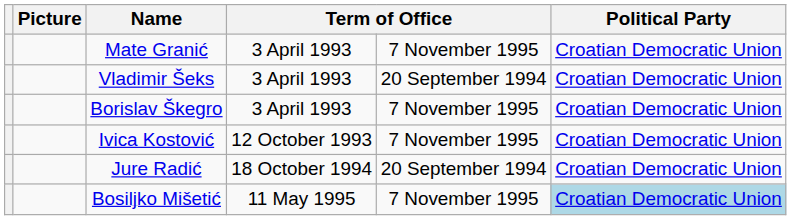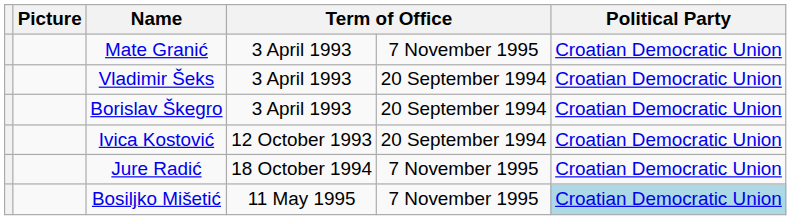 <table class="wikitable" style="text-align:center">
 <tr>
 <th></th>
 <th>Picture</th>
 <th>Name<br></th>
 <th colspan="2">Term of Office</th>
 <th>Political Party</th>
 </tr>
 <tr>
 <th style="background:"></th>
 <td></td>
 <td><a href='#'>Mate Granić</a><br></td>
 <td>3 April 1993</td>
 <td>7 November 1995</td>
 <td><a href='#'>Croatian Democratic Union</a></td>
 </tr>
 <tr>
 <th style="background:"></th>
 <td></td>
 <td><a href='#'>Vladimir Šeks</a><br></td>
 <td>3 April 1993</td>
 <td>20 September 1994</td>
 <td><a href='#'>Croatian Democratic Union</a></td>
 </tr>
 <tr>
 <th style="background:"></th>
 <td></td>
 <td><a href='#'>Borislav Škegro</a><br></td>
 <td>3 April 1993</td>
-<td>7 November 1995</td>
+<td>20 September 1994</td>
 <td><a href='#'>Croatian Democratic Union</a></td>
 </tr>
 <tr>
 <th style="background:"></th>
 <td></td>
 <td><a href='#'>Ivica Kostović</a><br></td>
 <td>12 October 1993</td>
-<td>7 November 1995</td>
+<td>20 September 1994</td>
 <td><a href='#'>Croatian Democratic Union</a></td>
 </tr>
 <tr>
 <th style="background:"></th>
 <td></td>
 <td><a href='#'>Jure Radić</a><br></td>
 <td>18 October 1994</td>
-<td>20 September 1994</td>
+<td>7 November 1995</td>
 <td><a href='#'>Croatian Democratic Union</a></td>
 </tr>
 <tr>
 <th style="background:"></th>
 <td></td>
 <td><a href='#'>Bosiljko Mišetić</a><br></td>
 <td>11 May 1995</td>
 <td>7 November 1995</td>
 <td style="background: lightblue;"><a href='#'>Croatian Democratic Union</a></td>
 </tr>
 </table>
